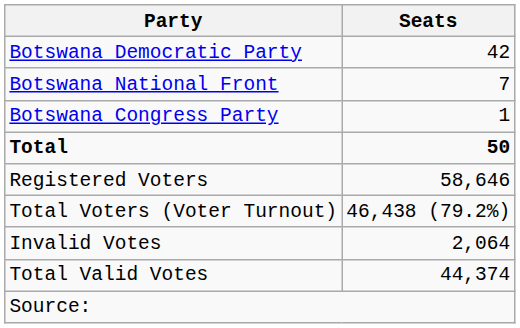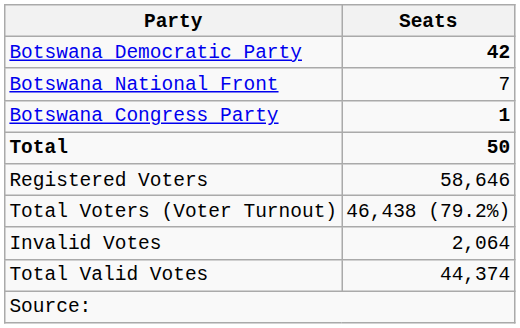 <table class=wikitable style=text-align:right>
 <tr>
 <th>Party</th>
 <th>Seats</th>
 </tr>
 <tr>
 <td align=left><a href='#'>Botswana Democratic Party</a></td>
-<td>42</td>
+<td><strong>42</strong></td>
 </tr>
 <tr>
 <td align=left><a href='#'>Botswana National Front</a></td>
 <td>7</td>
 </tr>
 <tr>
 <td align=left><a href='#'>Botswana Congress Party</a></td>
-<td>1</td>
+<td><strong>1</strong></td>
 </tr>
 <tr>
 <td align=left><strong>Total</strong></td>
 <td><strong>50</strong></td>
 </tr>
 <tr>
 <td align=left>Registered Voters</td>
 <td>58,646</td>
 </tr>
 <tr>
 <td align=left>Total Voters (Voter Turnout)</td>
 <td>46,438 (79.2%)</td>
 </tr>
 <tr>
 <td align=left>Invalid Votes</td>
 <td>2,064</td>
 </tr>
 <tr>
 <td align=left>Total Valid Votes</td>
 <td>44,374</td>
 </tr>
 <tr>
 <td colspan=4 align=left>Source: </td>
 </tr>
 </table>
